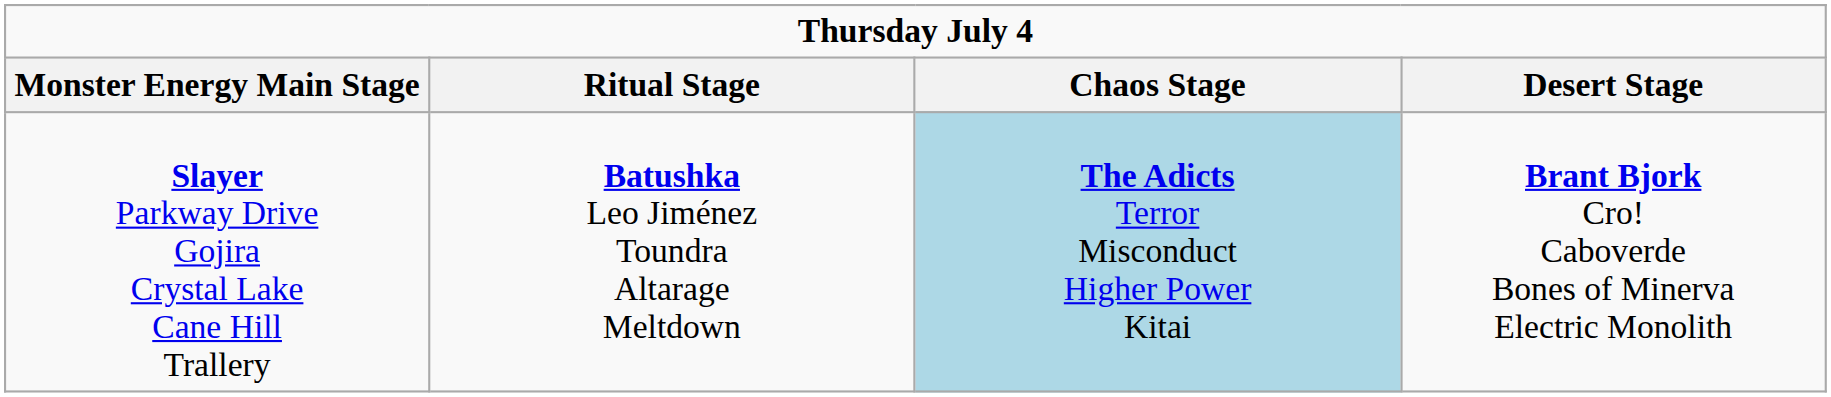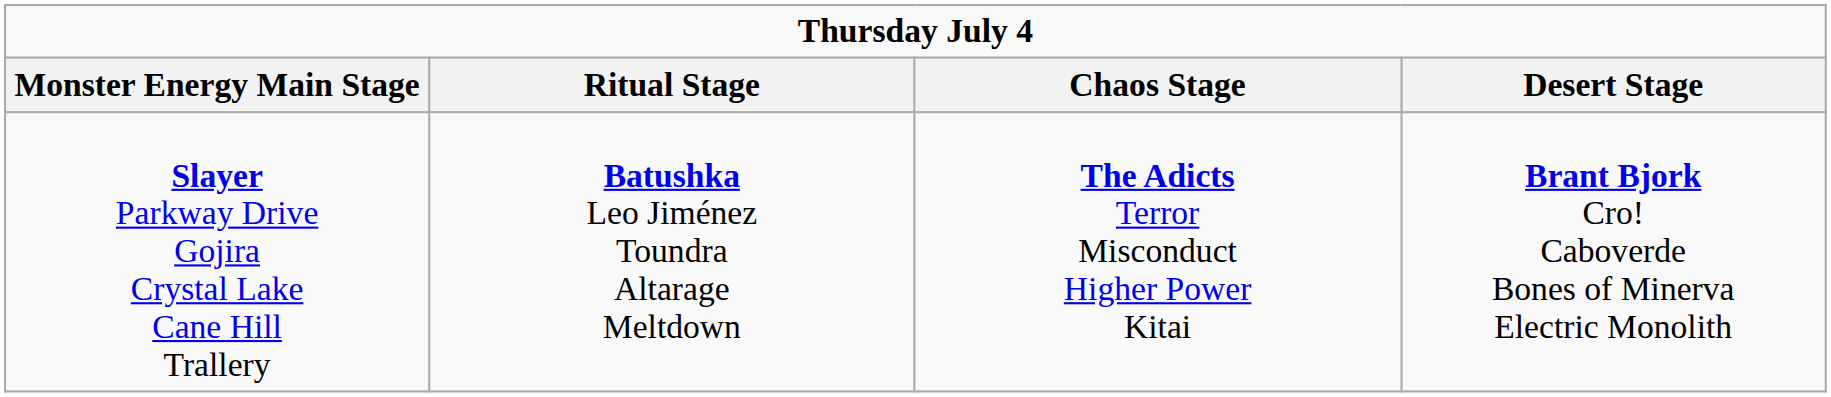 <table class="wikitable">
 <tr>
 <td colspan="4" style="text-align:center;"><strong>Thursday July 4</strong></td>
 </tr>
 <tr>
 <th>Monster Energy Main Stage</th>
 <th>Ritual Stage</th>
 <th>Chaos Stage</th>
 <th>Desert Stage</th>
 </tr>
 <tr>
 <td style="text-align:center; vertical-align:top; width:200px;"><br><strong><a href='#'>Slayer</a></strong> <br> <a href='#'>Parkway Drive</a><br>  <a href='#'>Gojira</a><br> <a href='#'>Crystal Lake</a><br> <a href='#'>Cane Hill</a> <br> Trallery <br></td>
 <td style="text-align:center; vertical-align:top; width:230px;"><br><strong><a href='#'>Batushka</a></strong> <br> Leo Jiménez <br> Toundra <br> Altarage <br> Meltdown <br></td>
-<td style="background: lightblue; text-align:center; vertical-align:top; width:230px;"><br><strong><a href='#'>The Adicts</a></strong> <br> <a href='#'>Terror</a> <br> Misconduct <br> <a href='#'>Higher Power</a> <br> Kitai <br></td>
+<td style="text-align:center; vertical-align:top; width:230px;"><br><strong><a href='#'>The Adicts</a></strong> <br> <a href='#'>Terror</a> <br> Misconduct <br> <a href='#'>Higher Power</a> <br> Kitai <br></td>
 <td style="text-align:center; vertical-align:top; width:200px;"><br><strong><a href='#'>Brant Bjork</a></strong> <br> Cro! <br> Caboverde <br>  Bones of Minerva <br> Electric Monolith <br></td>
 </tr>
 </table>
